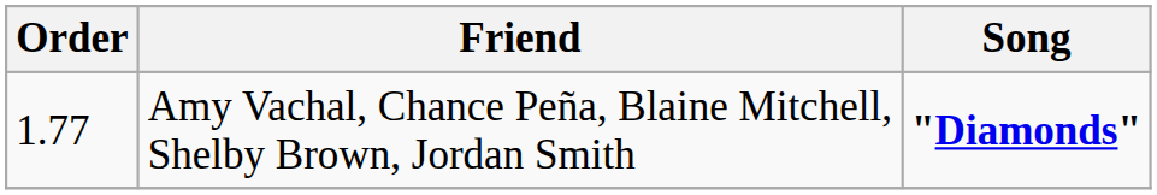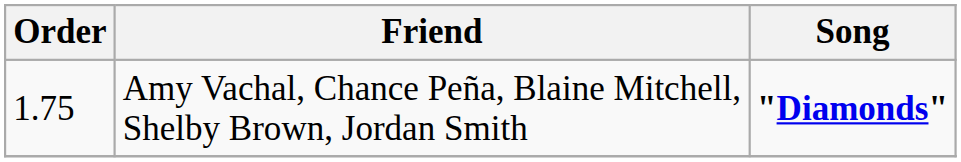 <table class="wikitable">
 <tr>
 <th>Order</th>
 <th>Friend</th>
 <th>Song</th>
 </tr>
 <tr>
-<td>1.77</td>
+<td>1.75</td>
 <td>Amy Vachal, Chance Peña, Blaine Mitchell, <br>Shelby Brown, Jordan Smith</td>
 <td><strong>"<a href='#'>Diamonds</a>"</strong></td>
 </tr>
 <tr>
 </tr>
 </table>
